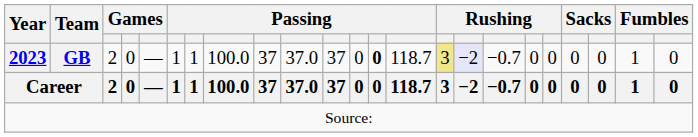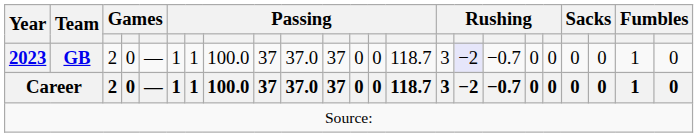 <table class="wikitable" style="text-align:center;">
 <tr>
 <th rowspan="2">Year</th>
 <th rowspan="2">Team</th>
 <th colspan="3">Games</th>
 <th colspan="9">Passing</th>
 <th colspan="5">Rushing</th>
 <th colspan="2">Sacks</th>
 <th colspan="2">Fumbles</th>
 </tr>
 <tr>
 <th></th>
 <th></th>
 <th></th>
 <th></th>
 <th></th>
 <th></th>
 <th></th>
 <th></th>
 <th></th>
 <th></th>
 <th></th>
 <th></th>
 <th></th>
 <th></th>
 <th></th>
 <th></th>
 <th></th>
 <th></th>
 <th></th>
 <th></th>
 <th></th>
 </tr>
 <tr>
 <th><a href='#'>2023</a></th>
 <th><a href='#'>GB</a></th>
 <td>2</td>
 <td>0</td>
 <td>—</td>
 <td>1</td>
 <td>1</td>
 <td>100.0</td>
 <td>37</td>
 <td>37.0</td>
 <td>37</td>
 <td>0</td>
-<td><strong>0</strong></td>
+<td>0</td>
 <td>118.7</td>
-<td style="background: khaki;">3</td>
+<td>3</td>
 <td style="background: lavender;">−2</td>
 <td>−0.7</td>
 <td>0</td>
 <td>0</td>
 <td>0</td>
 <td>0</td>
 <td>1</td>
 <td>0</td>
 </tr>
 <tr>
 <th colspan="2">Career</th>
 <th>2</th>
 <th>0</th>
 <th>—</th>
 <th>1</th>
 <th>1</th>
 <th>100.0</th>
 <th>37</th>
 <th>37.0</th>
 <th>37</th>
 <th>0</th>
 <th>0</th>
 <th>118.7</th>
 <th>3</th>
 <th>−2</th>
 <th>−0.7</th>
 <th>0</th>
 <th>0</th>
 <th>0</th>
 <th>0</th>
 <th>1</th>
 <th>0</th>
 </tr>
 <tr>
 <td colspan="23"><small>Source: </small></td>
 </tr>
 </table>
